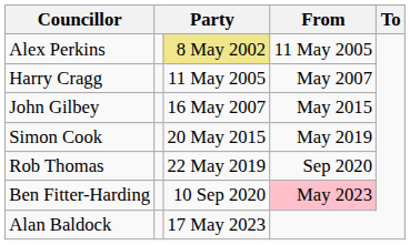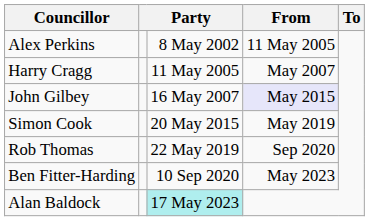 <table class=wikitable>
 <tr>
 <th>Councillor</th>
 <th colspan=2>Party</th>
 <th>From</th>
 <th>To</th>
 </tr>
 <tr>
 <td>Alex Perkins</td>
 <td></td>
-<td align=right style="background: khaki;">8 May 2002</td>
+<td align=right>8 May 2002</td>
 <td align=right>11 May 2005</td>
 </tr>
 <tr>
 <td>Harry Cragg</td>
 <td></td>
 <td align=right>11 May 2005</td>
 <td align=right>May 2007</td>
 </tr>
 <tr>
 <td>John Gilbey</td>
 <td></td>
 <td align=right>16 May 2007</td>
-<td align=right>May 2015</td>
+<td align=right style="background: lavender;">May 2015</td>
 </tr>
 <tr>
 <td>Simon Cook</td>
 <td></td>
 <td align=right>20 May 2015</td>
 <td align=right>May 2019</td>
 </tr>
 <tr>
 <td>Rob Thomas</td>
 <td></td>
 <td align=right>22 May 2019</td>
 <td align=right>Sep 2020</td>
 </tr>
 <tr>
 <td>Ben Fitter-Harding</td>
 <td></td>
 <td align=right>10 Sep 2020</td>
-<td align=right style="background: pink;">May 2023</td>
+<td align=right>May 2023</td>
 </tr>
 <tr>
 <td>Alan Baldock</td>
 <td></td>
-<td align=right>17 May 2023</td>
+<td align=right style="background: paleturquoise;">17 May 2023</td>
 </tr>
 </table>
